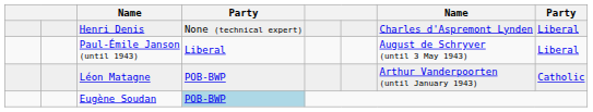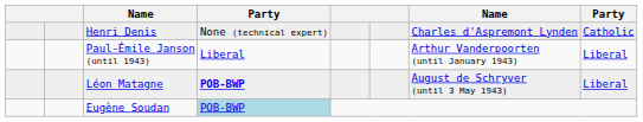 <table class="wikitable sortable">
 <tr>
 <th colspan="2" width=90></th>
 <th>Name</th>
 <th>Party</th>
 <th colspan="2" width=90></th>
 <th>Name</th>
 <th>Party</th>
 </tr>
 <tr bgcolor="efefef">
 <td></td>
 <td></td>
 <td><a href='#'>Henri Denis</a></td>
 <td>None <small>(technical expert)</small></td>
 <td style="background: "></td>
 <td></td>
 <td><a href='#'>Charles d'Aspremont Lynden</a></td>
-<td><a href='#'>Liberal</a></td>
+<td><a href='#'>Catholic</a></td>
 </tr>
 <tr>
 <td style="background: "></td>
 <td></td>
 <td><a href='#'>Paul-Émile Janson</a> <br><small>(until 1943)</small></td>
 <td><a href='#'>Liberal</a></td>
 <td style="background: "></td>
 <td></td>
-<td><a href='#'>August de Schryver</a><br><small>(until 3 May 1943)</small></td>
+<td><a href='#'>Arthur Vanderpoorten</a> <br><small>(until January 1943)</small></td>
 <td><a href='#'>Liberal</a></td>
 </tr>
 <tr bgcolor="efefef">
 <td style="background: "></td>
 <td></td>
 <td><a href='#'>Léon Matagne</a></td>
-<td><a href='#'>POB-BWP</a></td>
+<td><strong><a href='#'>POB-BWP</a></strong></td>
 <td style="background: "></td>
 <td></td>
-<td><a href='#'>Arthur Vanderpoorten</a> <br><small>(until January 1943)</small></td>
-<td><a href='#'>Catholic</a></td>
+<td><a href='#'>August de Schryver</a><br><small>(until 3 May 1943)</small></td>
+<td><a href='#'>Liberal</a></td>
 </tr>
 <tr>
 <td style="background: "></td>
 <td></td>
 <td><a href='#'>Eugène Soudan</a></td>
 <td style="background: lightblue;"><a href='#'>POB-BWP</a></td>
 </tr>
 </table>
